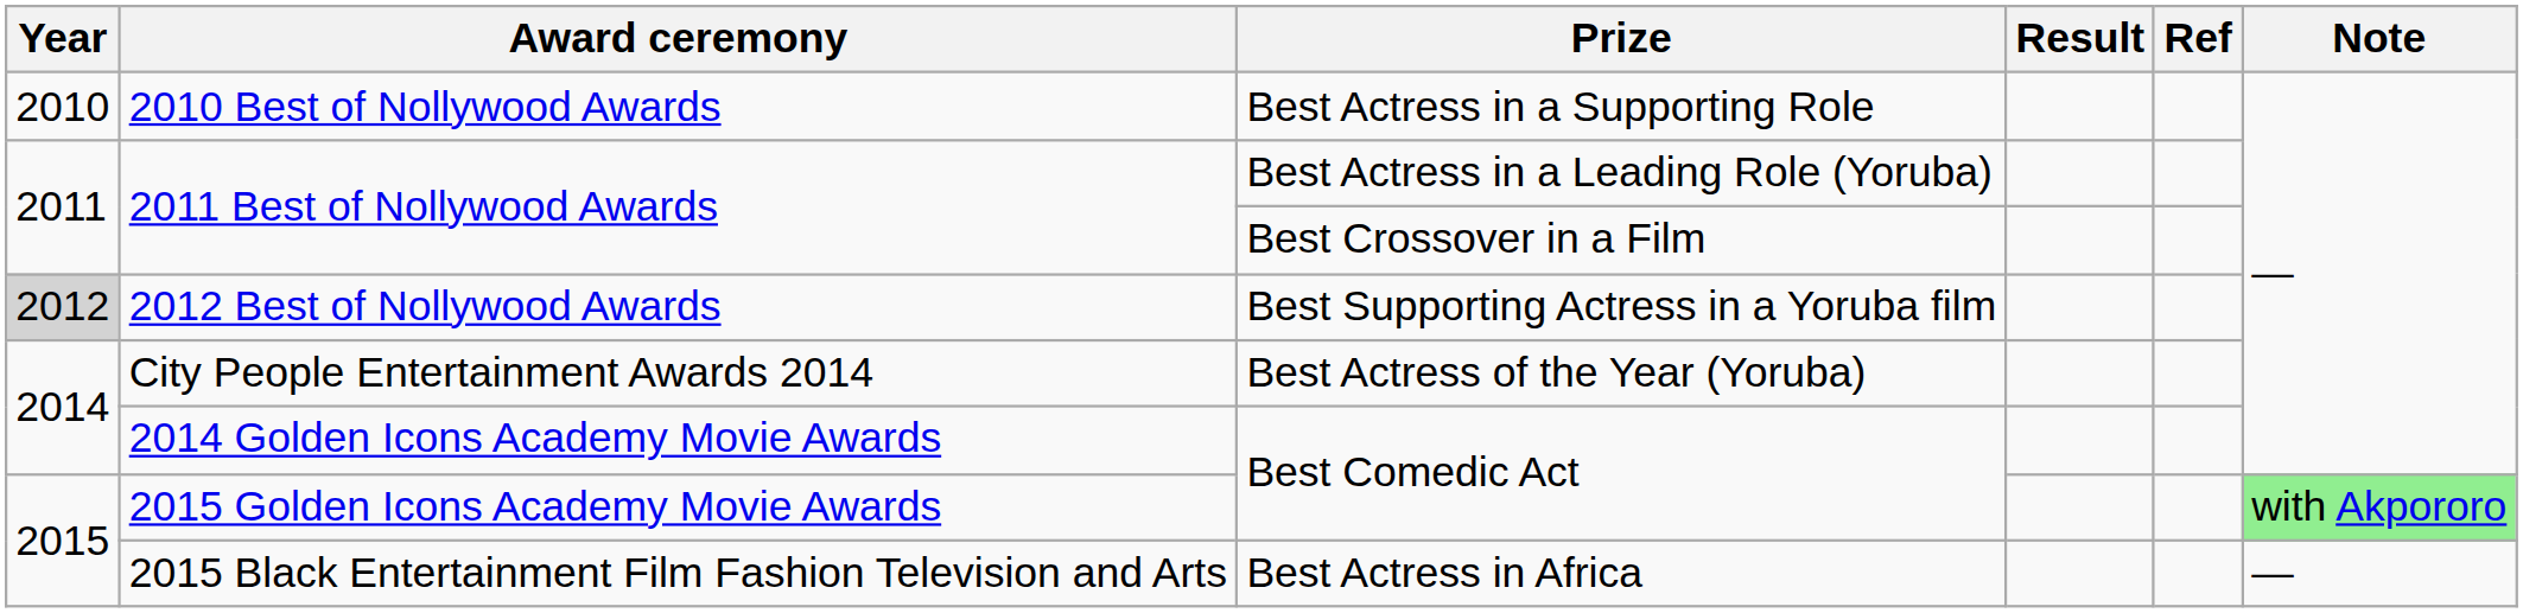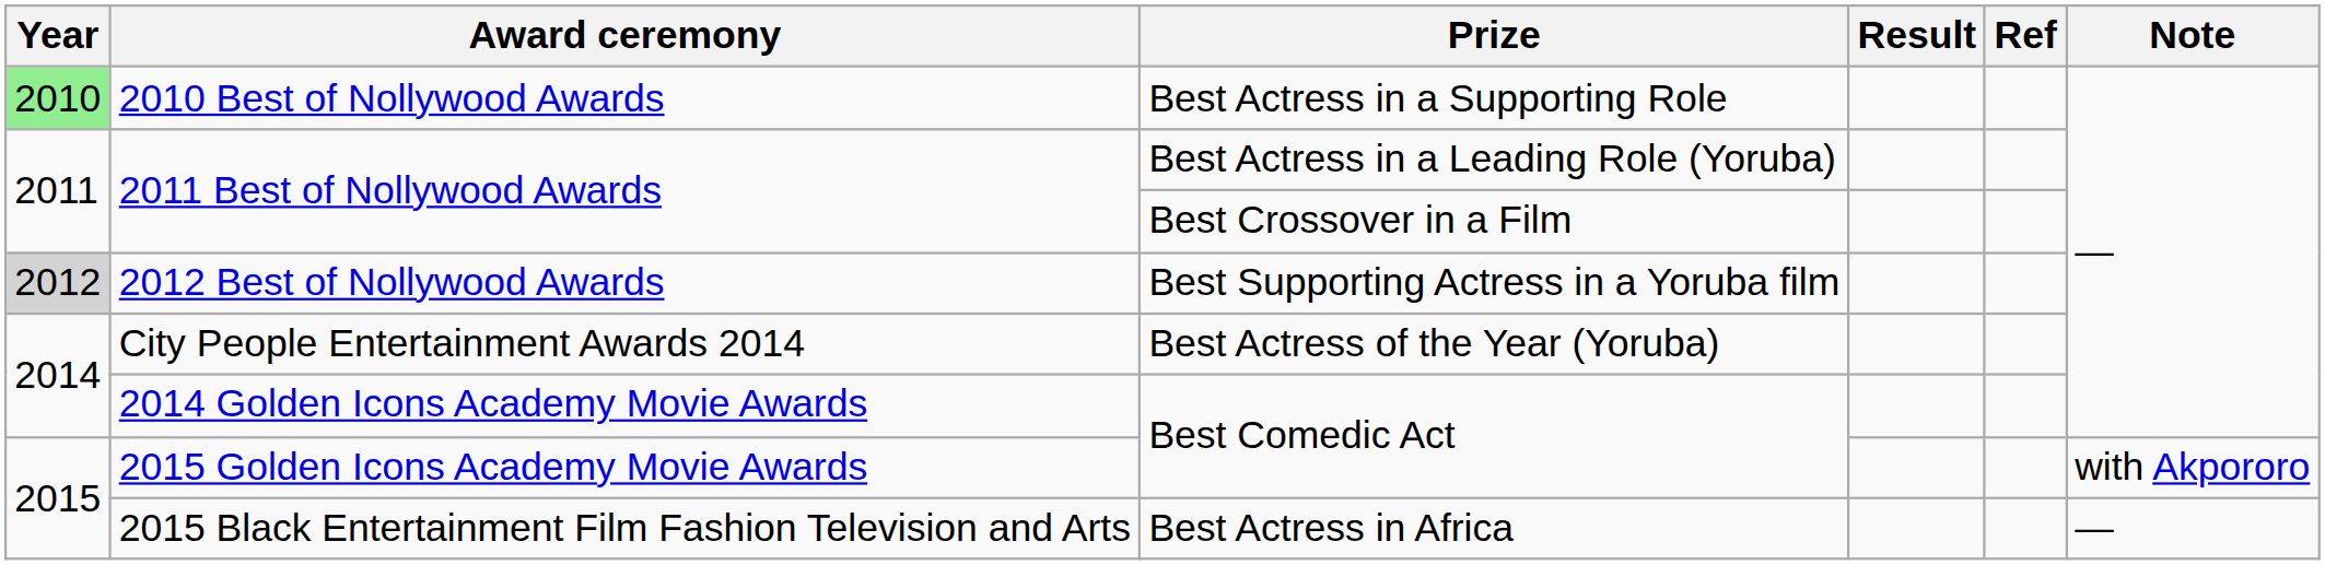 <table class ="wikitable">
 <tr>
 <th>Year</th>
 <th>Award ceremony</th>
 <th>Prize</th>
 <th>Result</th>
 <th>Ref</th>
 <th>Note</th>
 </tr>
 <tr>
-<td>2010</td>
+<td style="background: lightgreen;">2010</td>
 <td><a href='#'>2010 Best of Nollywood Awards</a></td>
 <td>Best Actress in a Supporting Role</td>
 <td></td>
 <td></td>
 <td rowspan="6">—</td>
 </tr>
 <tr>
 <td rowspan="2">2011</td>
 <td rowspan="2"><a href='#'>2011 Best of Nollywood Awards</a></td>
 <td>Best Actress in a Leading Role (Yoruba)</td>
 <td></td>
 <td></td>
 </tr>
 <tr>
 <td>Best Crossover in a Film</td>
 <td></td>
 <td></td>
 </tr>
 <tr>
 <td style="background: lightgrey;">2012</td>
 <td><a href='#'>2012 Best of Nollywood Awards</a></td>
 <td>Best Supporting Actress in a Yoruba film</td>
 <td></td>
 <td></td>
 </tr>
 <tr>
 <td rowspan="2">2014</td>
 <td>City People Entertainment Awards 2014</td>
 <td>Best Actress of the Year (Yoruba)</td>
 <td></td>
 <td></td>
 </tr>
 <tr>
 <td><a href='#'>2014 Golden Icons Academy Movie Awards</a></td>
 <td rowspan="2">Best Comedic Act</td>
 <td></td>
 <td></td>
 </tr>
 <tr>
 <td rowspan="2">2015</td>
 <td><a href='#'>2015 Golden Icons Academy Movie Awards</a></td>
 <td></td>
 <td></td>
-<td style="background: lightgreen;">with <a href='#'>Akpororo</a></td>
+<td>with <a href='#'>Akpororo</a></td>
 </tr>
 <tr>
 <td>2015 Black Entertainment Film Fashion Television and Arts</td>
 <td>Best Actress in Africa</td>
 <td></td>
 <td></td>
 <td>—</td>
 </tr>
 </table>
